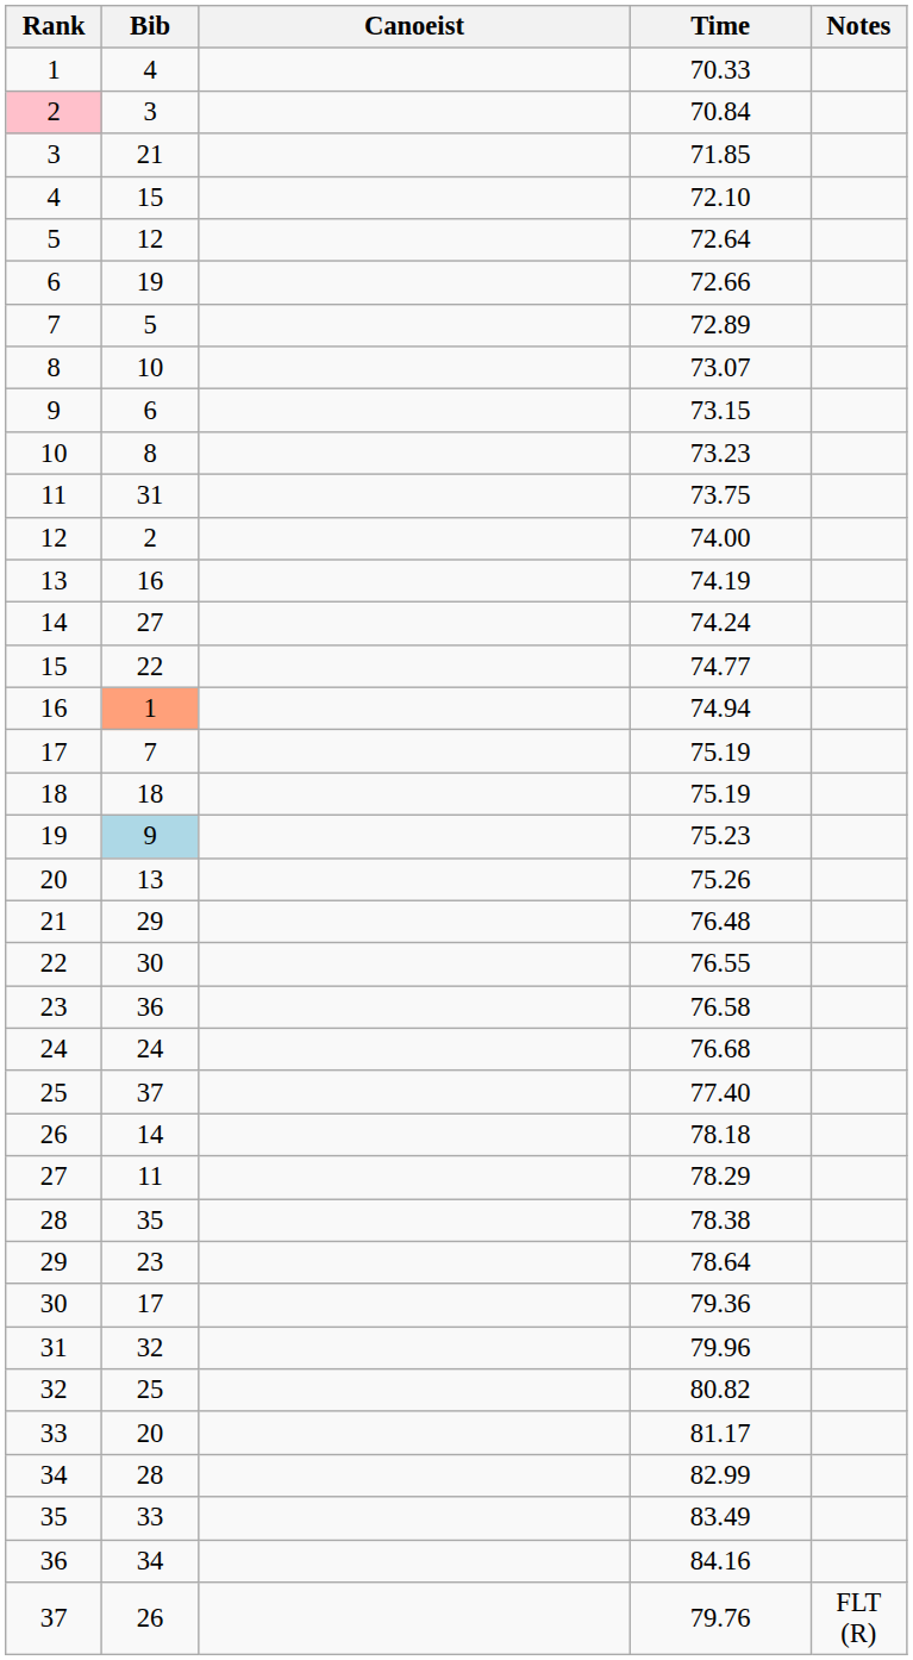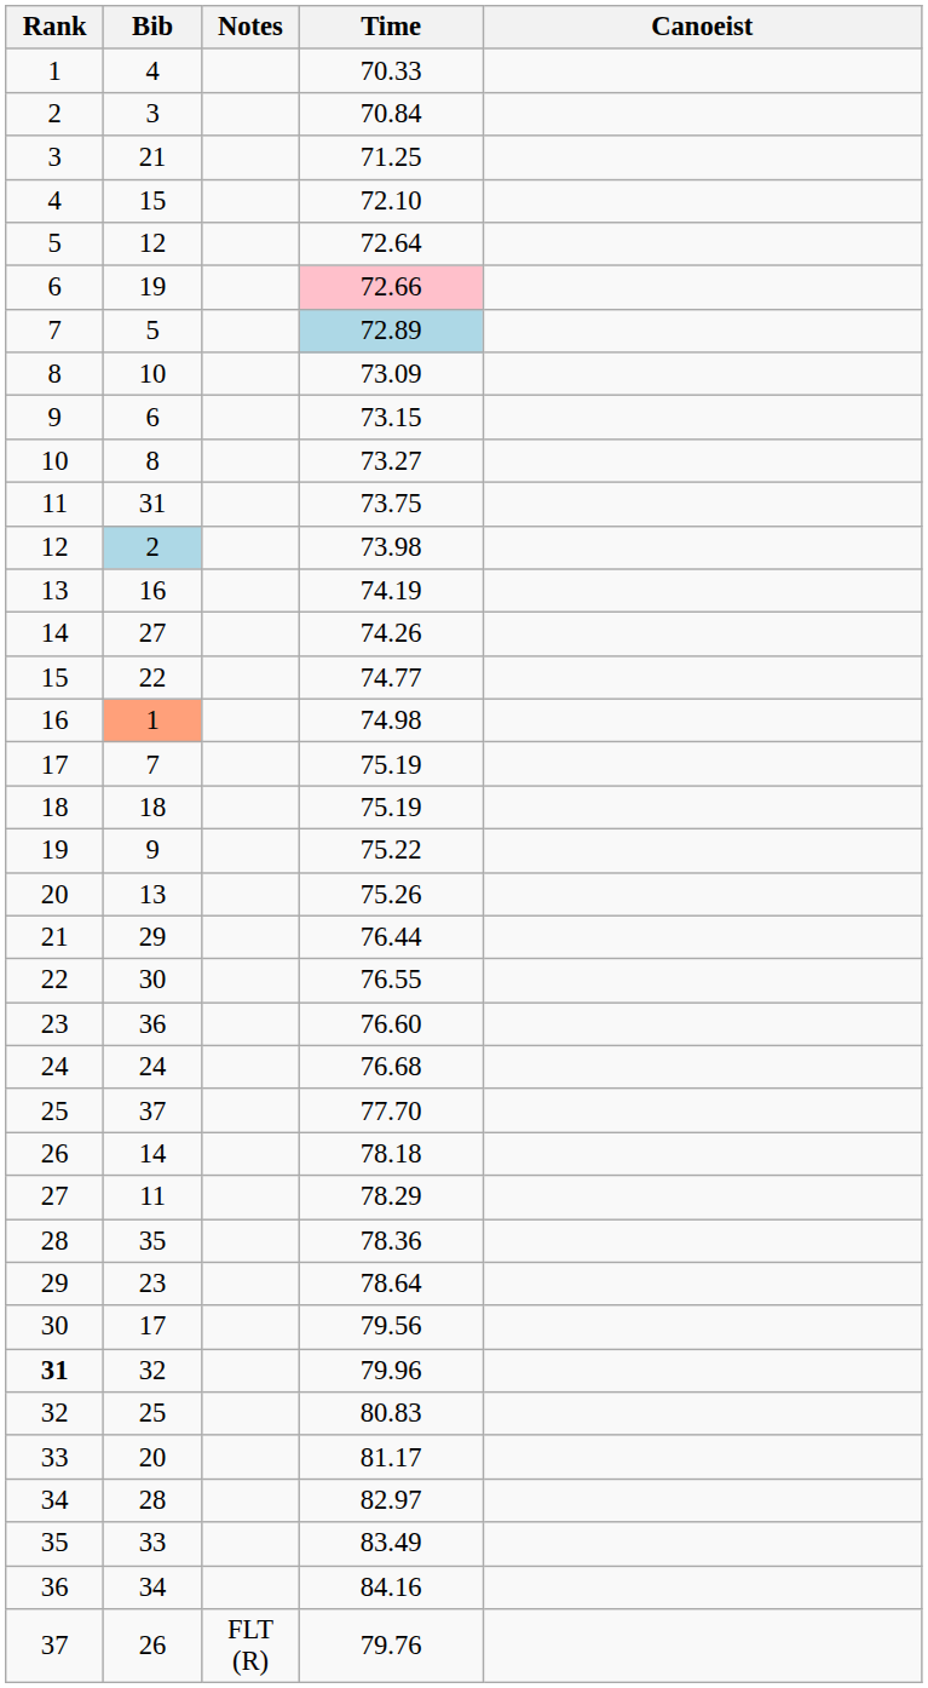 <table class="wikitable" style="text-align:center">
 <tr>
 <th width="50">Rank</th>
 <th width="50">Bib</th>
+<th width="50">Notes</th>
+<th width="100">Time</th>
 <th width="250">Canoeist</th>
-<th width="100">Time</th>
-<th width="50">Notes</th>
 </tr>
 <tr>
 <td>1</td>
 <td>4</td>
+<td></td>
+<td>70.33</td>
 <td align="left"></td>
-<td>70.33</td>
-<td></td>
 </tr>
 <tr>
-<td style="background: pink;">2</td>
+<td>2</td>
 <td>3</td>
+<td></td>
+<td>70.84</td>
 <td align="left"></td>
-<td>70.84</td>
-<td></td>
 </tr>
 <tr>
 <td>3</td>
 <td>21</td>
+<td></td>
+<td>71.25</td>
 <td align="left"></td>
-<td>71.85</td>
-<td></td>
 </tr>
 <tr>
 <td>4</td>
 <td>15</td>
+<td></td>
+<td>72.10</td>
 <td align="left"></td>
-<td>72.10</td>
-<td></td>
 </tr>
 <tr>
 <td>5</td>
 <td>12</td>
+<td></td>
+<td>72.64</td>
 <td align="left"></td>
-<td>72.64</td>
-<td></td>
 </tr>
 <tr>
 <td>6</td>
 <td>19</td>
+<td></td>
+<td style="background: pink;">72.66</td>
 <td align="left"></td>
-<td>72.66</td>
-<td></td>
 </tr>
 <tr>
 <td>7</td>
 <td>5</td>
+<td></td>
+<td style="background: lightblue;">72.89</td>
 <td align="left"></td>
-<td>72.89</td>
-<td></td>
 </tr>
 <tr>
 <td>8</td>
 <td>10</td>
+<td></td>
+<td>73.09</td>
 <td align="left"></td>
-<td>73.07</td>
-<td></td>
 </tr>
 <tr>
 <td>9</td>
 <td>6</td>
+<td></td>
+<td>73.15</td>
 <td align="left"></td>
-<td>73.15</td>
-<td></td>
 </tr>
 <tr>
 <td>10</td>
 <td>8</td>
+<td></td>
+<td>73.27</td>
 <td align="left"></td>
-<td>73.23</td>
-<td></td>
 </tr>
 <tr>
 <td>11</td>
 <td>31</td>
+<td></td>
+<td>73.75</td>
 <td align="left"></td>
-<td>73.75</td>
-<td></td>
 </tr>
 <tr>
 <td>12</td>
-<td>2</td>
+<td style="background: lightblue;">2</td>
+<td></td>
+<td>73.98</td>
 <td align="left"></td>
-<td>74.00</td>
-<td></td>
 </tr>
 <tr>
 <td>13</td>
 <td>16</td>
+<td></td>
+<td>74.19</td>
 <td align="left"></td>
-<td>74.19</td>
-<td></td>
 </tr>
 <tr>
 <td>14</td>
 <td>27</td>
+<td></td>
+<td>74.26</td>
 <td align="left"></td>
-<td>74.24</td>
-<td></td>
 </tr>
 <tr>
 <td>15</td>
 <td>22</td>
+<td></td>
+<td>74.77</td>
 <td align="left"></td>
-<td>74.77</td>
-<td></td>
 </tr>
 <tr>
 <td>16</td>
 <td style="background: lightsalmon;">1</td>
+<td></td>
+<td>74.98</td>
 <td align="left"></td>
-<td>74.94</td>
-<td></td>
 </tr>
 <tr>
 <td>17</td>
 <td>7</td>
+<td></td>
+<td>75.19</td>
 <td align="left"></td>
-<td>75.19</td>
-<td></td>
 </tr>
 <tr>
 <td>18</td>
 <td>18</td>
+<td></td>
+<td>75.19</td>
 <td align="left"></td>
-<td>75.19</td>
-<td></td>
 </tr>
 <tr>
 <td>19</td>
-<td style="background: lightblue;">9</td>
+<td>9</td>
+<td></td>
+<td>75.22</td>
 <td align="left"></td>
-<td>75.23</td>
-<td></td>
 </tr>
 <tr>
 <td>20</td>
 <td>13</td>
+<td></td>
+<td>75.26</td>
 <td align="left"></td>
-<td>75.26</td>
-<td></td>
 </tr>
 <tr>
 <td>21</td>
 <td>29</td>
+<td></td>
+<td>76.44</td>
 <td align="left"></td>
-<td>76.48</td>
-<td></td>
 </tr>
 <tr>
 <td>22</td>
 <td>30</td>
+<td></td>
+<td>76.55</td>
 <td align="left"></td>
-<td>76.55</td>
-<td></td>
 </tr>
 <tr>
 <td>23</td>
 <td>36</td>
+<td></td>
+<td>76.60</td>
 <td align="left"></td>
-<td>76.58</td>
-<td></td>
 </tr>
 <tr>
 <td>24</td>
 <td>24</td>
+<td></td>
+<td>76.68</td>
 <td align="left"></td>
-<td>76.68</td>
-<td></td>
 </tr>
 <tr>
 <td>25</td>
 <td>37</td>
+<td></td>
+<td>77.70</td>
 <td align="left"></td>
-<td>77.40</td>
-<td></td>
 </tr>
 <tr>
 <td>26</td>
 <td>14</td>
+<td></td>
+<td>78.18</td>
 <td align="left"></td>
-<td>78.18</td>
-<td></td>
 </tr>
 <tr>
 <td>27</td>
 <td>11</td>
+<td></td>
+<td>78.29</td>
 <td align="left"></td>
-<td>78.29</td>
-<td></td>
 </tr>
 <tr>
 <td>28</td>
 <td>35</td>
+<td></td>
+<td>78.36</td>
 <td align="left"></td>
-<td>78.38</td>
-<td></td>
 </tr>
 <tr>
 <td>29</td>
 <td>23</td>
+<td></td>
+<td>78.64</td>
 <td align="left"></td>
-<td>78.64</td>
-<td></td>
 </tr>
 <tr>
 <td>30</td>
 <td>17</td>
+<td></td>
+<td>79.56</td>
 <td align="left"></td>
-<td>79.36</td>
-<td></td>
 </tr>
 <tr>
-<td>31</td>
+<td><strong>31</strong></td>
 <td>32</td>
+<td></td>
+<td>79.96</td>
 <td align="left"></td>
-<td>79.96</td>
-<td></td>
 </tr>
 <tr>
 <td>32</td>
 <td>25</td>
+<td></td>
+<td>80.83</td>
 <td align="left"></td>
-<td>80.82</td>
-<td></td>
 </tr>
 <tr>
 <td>33</td>
 <td>20</td>
+<td></td>
+<td>81.17</td>
 <td align="left"></td>
-<td>81.17</td>
-<td></td>
 </tr>
 <tr>
 <td>34</td>
 <td>28</td>
+<td></td>
+<td>82.97</td>
 <td align="left"></td>
-<td>82.99</td>
-<td></td>
 </tr>
 <tr>
 <td>35</td>
 <td>33</td>
+<td></td>
+<td>83.49</td>
 <td align="left"></td>
-<td>83.49</td>
-<td></td>
 </tr>
 <tr>
 <td>36</td>
 <td>34</td>
+<td></td>
+<td>84.16</td>
 <td align="left"></td>
-<td>84.16</td>
-<td></td>
 </tr>
 <tr>
 <td>37</td>
 <td>26</td>
+<td>FLT (R)</td>
+<td>79.76</td>
 <td align="left"></td>
-<td>79.76</td>
-<td>FLT (R)</td>
 </tr>
 </table>
